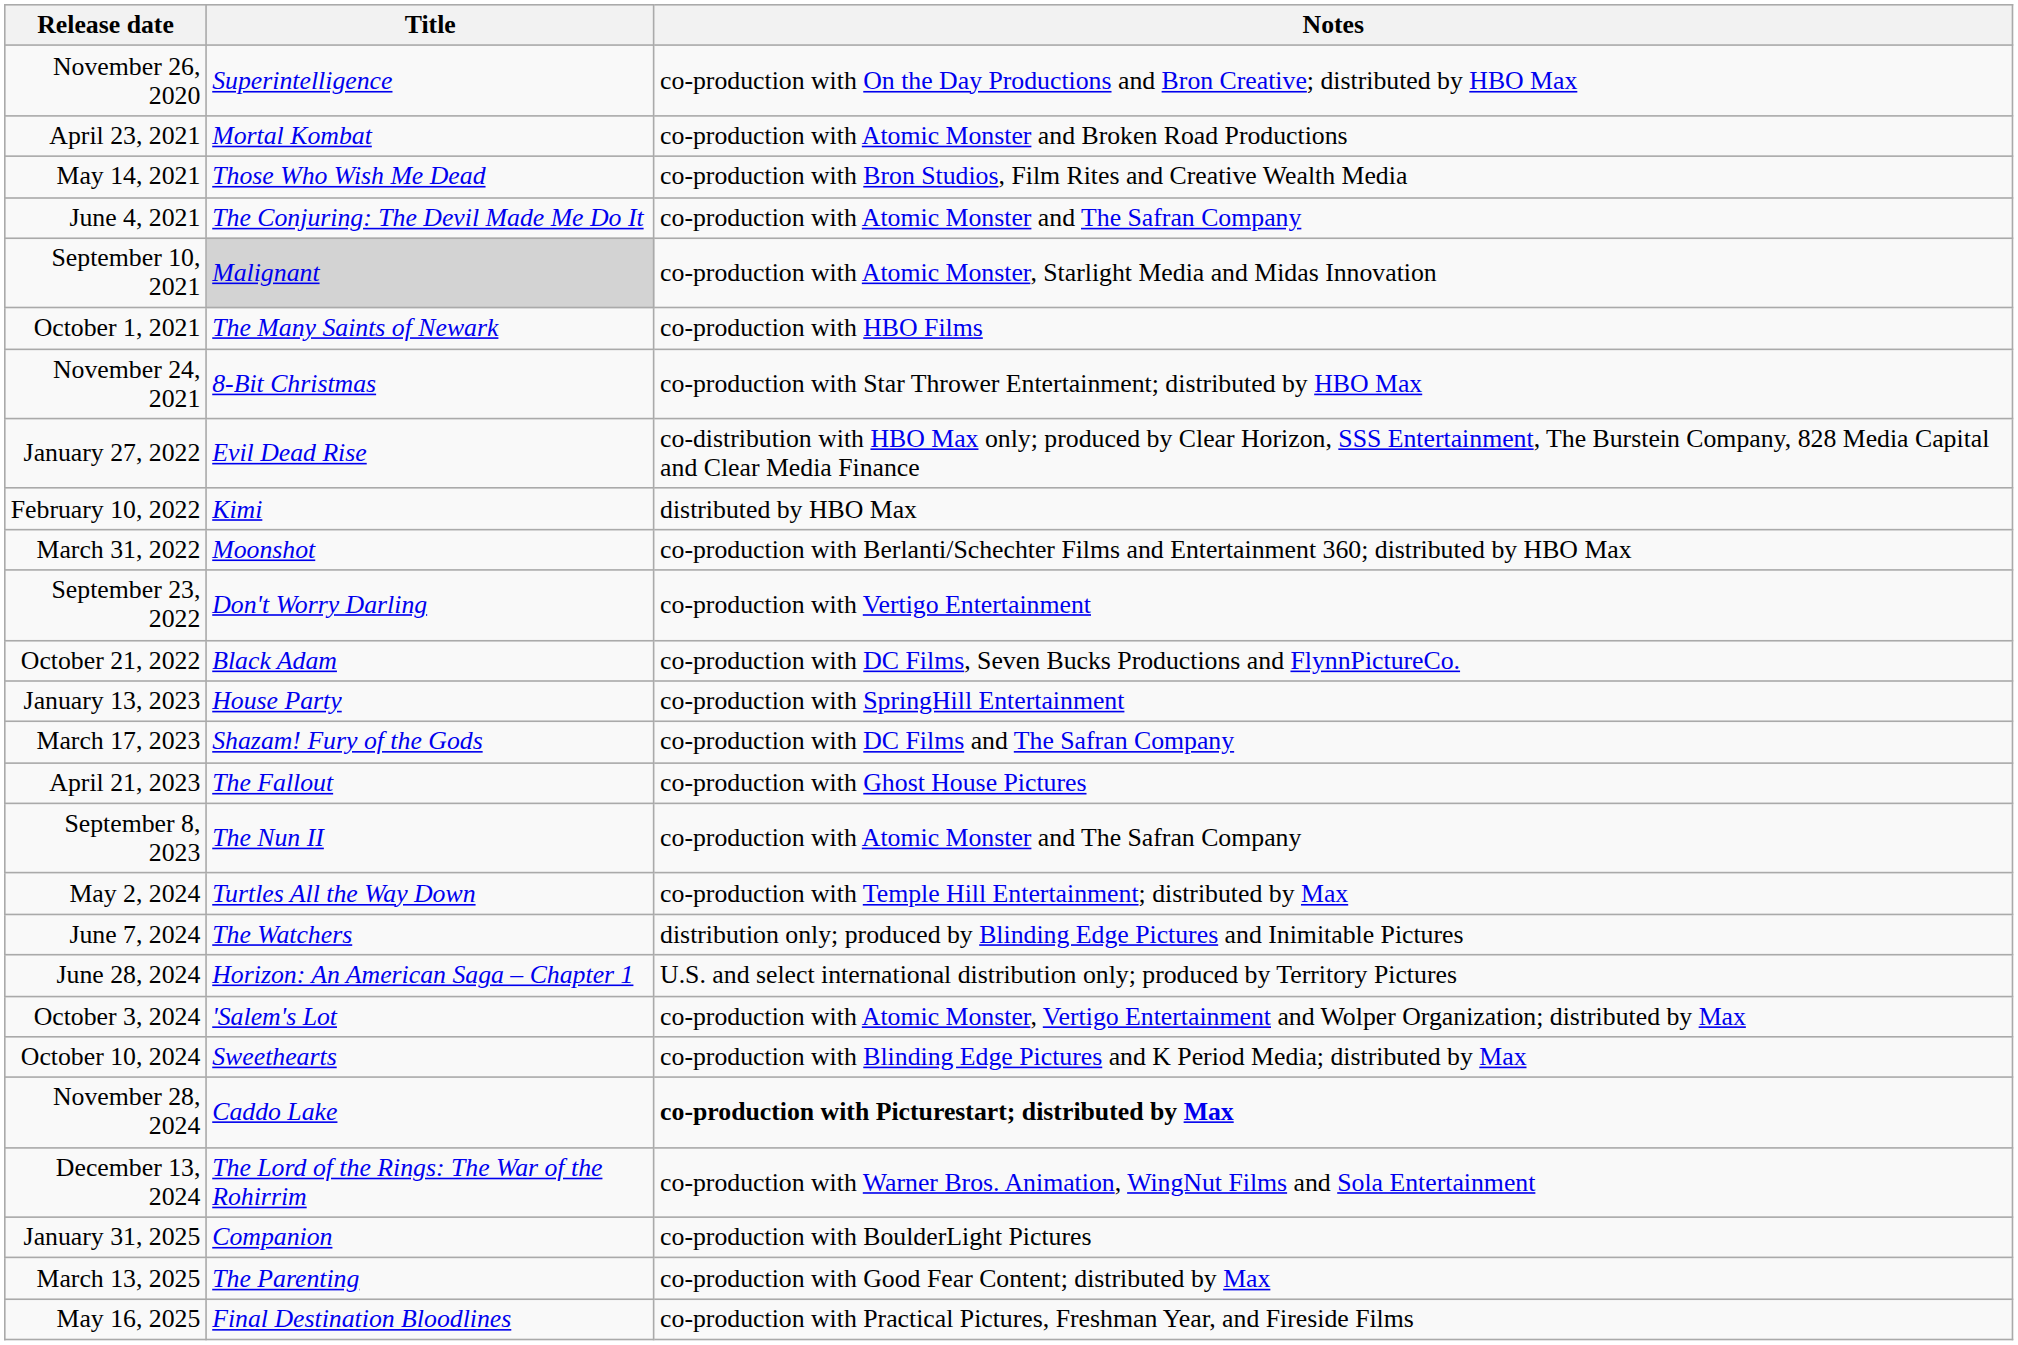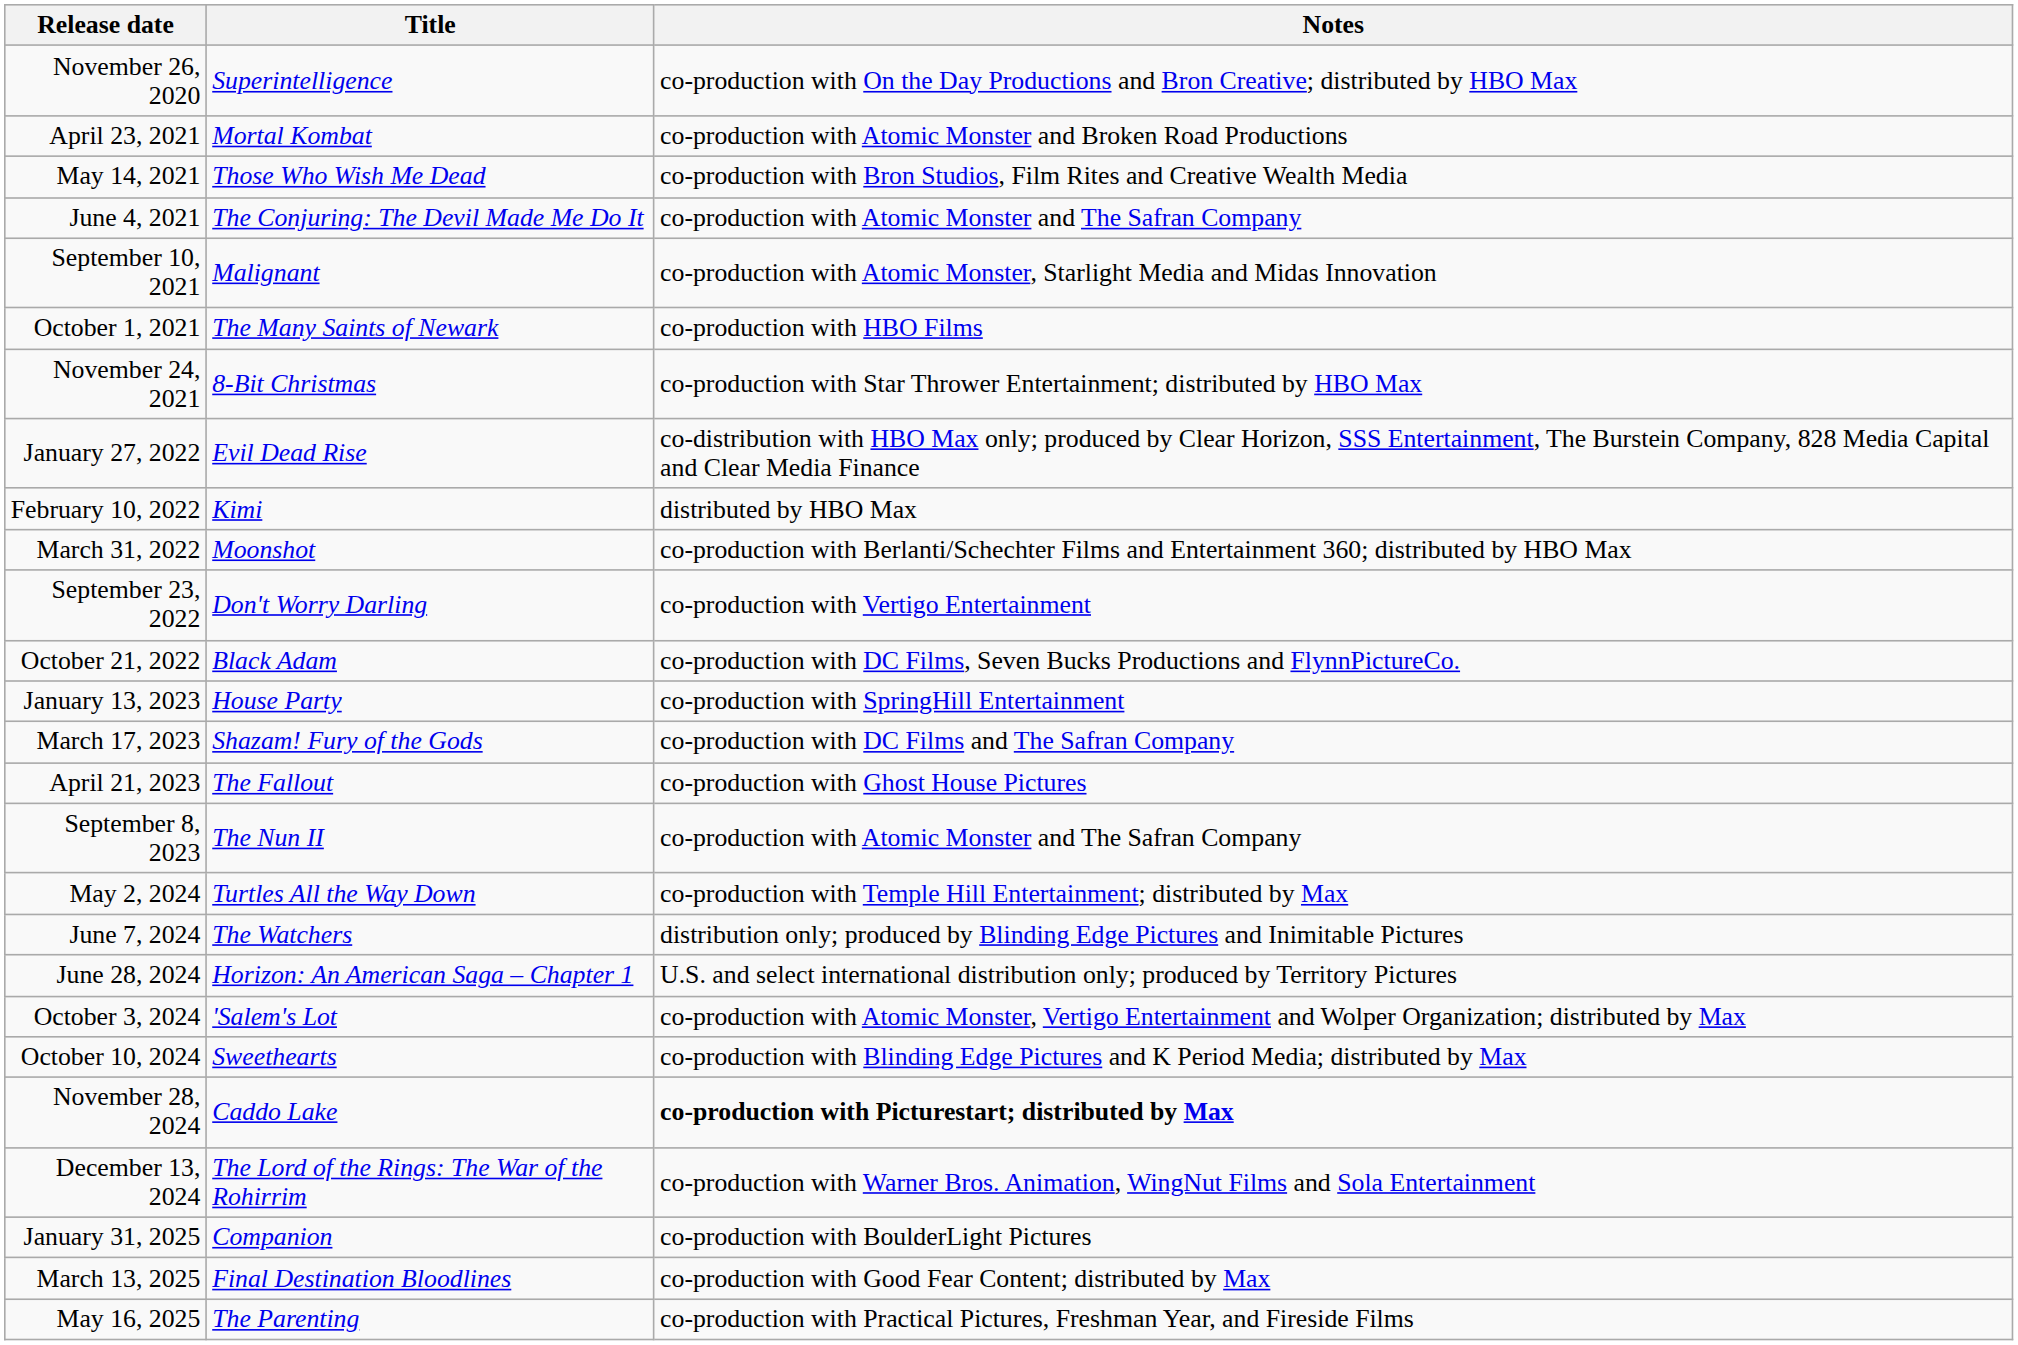 <table class="wikitable sortable">
 <tr>
 <th>Release date</th>
 <th>Title</th>
 <th>Notes</th>
 </tr>
 <tr>
 <td style="text-align:right;">November 26, 2020</td>
 <td><em><a href='#'>Superintelligence</a></em></td>
 <td>co-production with <a href='#'>On the Day Productions</a> and <a href='#'>Bron Creative</a>; distributed by <a href='#'>HBO Max</a></td>
 </tr>
 <tr>
 <td style="text-align:right;">April 23, 2021</td>
 <td><em><a href='#'>Mortal Kombat</a></em></td>
 <td>co-production with <a href='#'>Atomic Monster</a> and Broken Road Productions</td>
 </tr>
 <tr>
 <td style="text-align:right;">May 14, 2021</td>
 <td><em><a href='#'>Those Who Wish Me Dead</a></em></td>
 <td>co-production with <a href='#'>Bron Studios</a>, Film Rites and Creative Wealth Media</td>
 </tr>
 <tr>
 <td style="text-align:right;">June 4, 2021</td>
 <td><em><a href='#'>The Conjuring: The Devil Made Me Do It</a></em></td>
 <td>co-production with <a href='#'>Atomic Monster</a> and <a href='#'>The Safran Company</a></td>
 </tr>
 <tr>
 <td style="text-align:right;">September 10, 2021</td>
-<td style="background: lightgrey;"><em><a href='#'>Malignant</a></em></td>
+<td><em><a href='#'>Malignant</a></em></td>
 <td>co-production with <a href='#'>Atomic Monster</a>, Starlight Media and Midas Innovation</td>
 </tr>
 <tr>
 <td style="text-align:right;">October 1, 2021</td>
 <td><em><a href='#'>The Many Saints of Newark</a></em></td>
 <td>co-production with <a href='#'>HBO Films</a></td>
 </tr>
 <tr>
 <td style="text-align:right;">November 24, 2021</td>
 <td><em><a href='#'>8-Bit Christmas</a></em></td>
 <td>co-production with Star Thrower Entertainment; distributed by <a href='#'>HBO Max</a></td>
 </tr>
 <tr>
 <td style="text-align:right;">January 27, 2022</td>
 <td><em><a href='#'>Evil Dead Rise</a></em></td>
 <td>co-distribution with <a href='#'>HBO Max</a> only; produced by Clear Horizon, <a href='#'>SSS Entertainment</a>, The Burstein Company, 828 Media Capital and Clear Media Finance</td>
 </tr>
 <tr>
 <td style="text-align:right;">February 10, 2022</td>
 <td><em><a href='#'>Kimi</a></em></td>
 <td>distributed by HBO Max</td>
 </tr>
 <tr>
 <td style="text-align:right;">March 31, 2022</td>
 <td><em><a href='#'>Moonshot</a></em></td>
 <td>co-production with Berlanti/Schechter Films and Entertainment 360; distributed by HBO Max</td>
 </tr>
 <tr>
 <td style="text-align:right;">September 23, 2022</td>
 <td><em><a href='#'>Don't Worry Darling</a></em></td>
 <td>co-production with <a href='#'>Vertigo Entertainment</a></td>
 </tr>
 <tr>
 <td style="text-align:right;">October 21, 2022</td>
 <td><em><a href='#'>Black Adam</a></em></td>
 <td>co-production with <a href='#'>DC Films</a>, Seven Bucks Productions and <a href='#'>FlynnPictureCo.</a></td>
 </tr>
 <tr>
 <td style="text-align:right;">January 13, 2023</td>
 <td><em><a href='#'>House Party</a></em></td>
 <td>co-production with <a href='#'>SpringHill Entertainment</a></td>
 </tr>
 <tr>
 <td style="text-align:right;">March 17, 2023</td>
 <td><em><a href='#'>Shazam! Fury of the Gods</a></em></td>
 <td>co-production with <a href='#'>DC Films</a> and <a href='#'>The Safran Company</a></td>
 </tr>
 <tr>
 <td style="text-align:right;">April 21, 2023</td>
 <td><em><a href='#'>The Fallout</a></em></td>
 <td>co-production with <a href='#'>Ghost House Pictures</a></td>
 </tr>
 <tr>
 <td style="text-align:right;">September 8, 2023</td>
 <td><em><a href='#'>The Nun II</a></em></td>
 <td>co-production with <a href='#'>Atomic Monster</a> and The Safran Company</td>
 </tr>
 <tr>
 <td style="text-align:right;">May 2, 2024</td>
 <td><em><a href='#'>Turtles All the Way Down</a></em></td>
 <td>co-production with <a href='#'>Temple Hill Entertainment</a>; distributed by <a href='#'>Max</a></td>
 </tr>
 <tr>
 <td style="text-align:right;">June 7, 2024</td>
 <td><em><a href='#'>The Watchers</a></em></td>
 <td>distribution only; produced by <a href='#'>Blinding Edge Pictures</a> and Inimitable Pictures</td>
 </tr>
 <tr>
 <td style="text-align:right;">June 28, 2024</td>
 <td><em><a href='#'>Horizon: An American Saga – Chapter 1</a></em></td>
 <td>U.S. and select international distribution only; produced by Territory Pictures</td>
 </tr>
 <tr>
 <td style="text-align:right;">October 3, 2024</td>
 <td><em><a href='#'>'Salem's Lot</a></em></td>
 <td>co-production with <a href='#'>Atomic Monster</a>, <a href='#'>Vertigo Entertainment</a> and Wolper Organization; distributed by <a href='#'>Max</a></td>
 </tr>
 <tr>
 <td style="text-align:right;">October 10, 2024</td>
 <td><em><a href='#'>Sweethearts</a></em></td>
 <td>co-production with <a href='#'>Blinding Edge Pictures</a> and K Period Media; distributed by <a href='#'>Max</a></td>
 </tr>
 <tr>
 <td style="text-align:right;">November 28, 2024</td>
 <td><em><a href='#'>Caddo Lake</a></em></td>
 <td><strong>co-production with Picturestart; distributed by <a href='#'>Max</a></strong></td>
 </tr>
 <tr>
 <td style="text-align:right;">December 13, 2024</td>
 <td><em><a href='#'>The Lord of the Rings: The War of the Rohirrim</a></em></td>
 <td>co-production with <a href='#'>Warner Bros. Animation</a>, <a href='#'>WingNut Films</a> and <a href='#'>Sola Entertainment</a></td>
 </tr>
 <tr>
 <td style="text-align:right;">January 31, 2025</td>
 <td><em><a href='#'>Companion</a></em></td>
 <td>co-production with BoulderLight Pictures</td>
 </tr>
 <tr>
 <td style="text-align:right;">March 13, 2025</td>
-<td><em><a href='#'>The Parenting</a></em></td>
+<td><em><a href='#'>Final Destination Bloodlines</a></em></td>
 <td>co-production with Good Fear Content; distributed by <a href='#'>Max</a></td>
 </tr>
 <tr>
 <td style="text-align:right;">May 16, 2025</td>
-<td><em><a href='#'>Final Destination Bloodlines</a></em></td>
+<td><em><a href='#'>The Parenting</a></em></td>
 <td>co-production with Practical Pictures, Freshman Year, and Fireside Films</td>
 </tr>
 </table>
